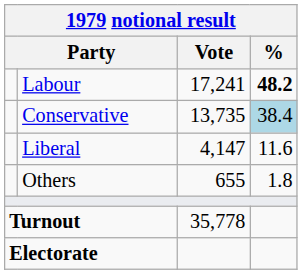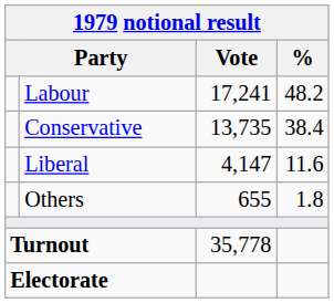 <table class="wikitable">
 <tr>
 <th colspan="4"><a href='#'>1979</a> <a href='#'>notional result</a></th>
 </tr>
 <tr>
 <th bgcolor="#DDDDFF" width="130px" colspan="2">Party</th>
 <th bgcolor="#DDDDFF" width="50px">Vote</th>
 <th bgcolor="#DDDDFF" width="30px">%</th>
 </tr>
 <tr>
 <td></td>
 <td><a href='#'>Labour</a></td>
 <td align=right>17,241</td>
-<td align=right><strong>48.2</strong></td>
+<td align=right>48.2</td>
 </tr>
 <tr>
 <td></td>
 <td><a href='#'>Conservative</a></td>
 <td align=right>13,735</td>
-<td align=right style="background: lightblue;">38.4</td>
+<td align=right>38.4</td>
 </tr>
 <tr>
 <td></td>
 <td><a href='#'>Liberal</a></td>
 <td align=right>4,147</td>
 <td align=right>11.6</td>
 </tr>
 <tr>
 <td></td>
 <td>Others</td>
 <td align=right>655</td>
 <td align=right>1.8</td>
 </tr>
 <tr>
 <td colspan="4" bgcolor="#EAECF0"></td>
 </tr>
 <tr>
 <td colspan="2"><strong>Turnout</strong></td>
 <td align=right>35,778</td>
 <td align=right></td>
 </tr>
 <tr>
 <td colspan="2"><strong>Electorate</strong></td>
 <td align=right></td>
 </tr>
 </table>
